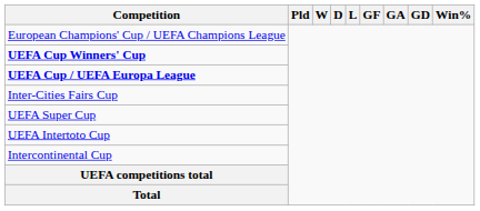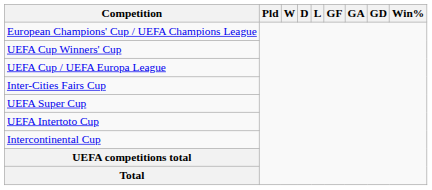 <table class="wikitable unsortable plainrowheaders" style="text-align:center">
 <tr>
 <th scope="col">Competition</th>
 <th scope="col">Pld</th>
 <th scope="col">W</th>
 <th scope="col">D</th>
 <th scope="col">L</th>
 <th scope="col">GF</th>
 <th scope="col">GA</th>
 <th scope="col">GD</th>
 <th scope="col">Win%</th>
 </tr>
 <tr>
 <td align=left><a href='#'>European Champions' Cup / UEFA Champions League</a><br></td>
 </tr>
 <tr>
-<td align=left><strong><a href='#'>UEFA Cup Winners' Cup</a><br></strong></td>
+<td align=left><a href='#'>UEFA Cup Winners' Cup</a><br></td>
 </tr>
 <tr>
-<td align=left><strong><a href='#'>UEFA Cup / UEFA Europa League</a><br></strong></td>
+<td align=left><a href='#'>UEFA Cup / UEFA Europa League</a><br></td>
 </tr>
 <tr>
 <td align=left><a href='#'>Inter-Cities Fairs Cup</a><br></td>
 </tr>
 <tr>
 <td align=left><a href='#'>UEFA Super Cup</a><br></td>
 </tr>
 <tr>
 <td align=left><a href='#'>UEFA Intertoto Cup</a><br></td>
 </tr>
 <tr>
 <td align=left><a href='#'>Intercontinental Cup</a><br></td>
 </tr>
 <tr>
 <th>UEFA competitions total<br></th>
 </tr>
 <tr>
 <th>Total<br></th>
 </tr>
 </table>
